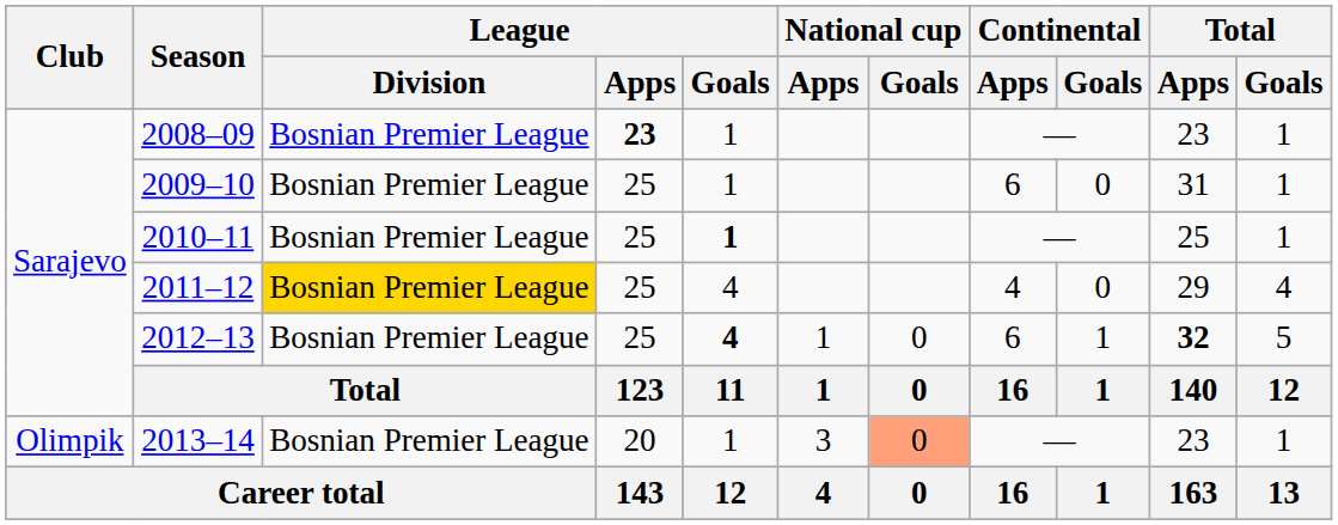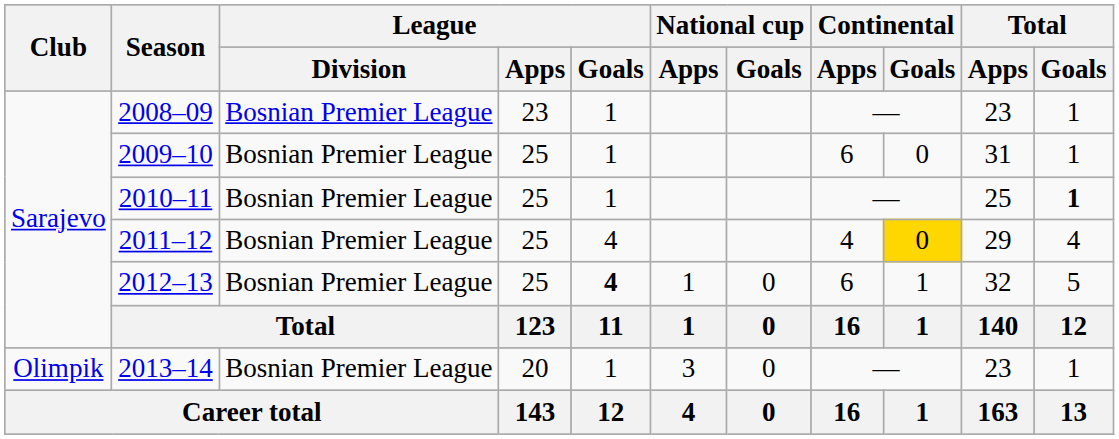 <table class="wikitable" style="text-align:center">
 <tr>
 <th rowspan=2>Club</th>
 <th rowspan=2>Season</th>
 <th colspan=3>League</th>
 <th colspan=2>National cup</th>
 <th colspan=2>Continental</th>
 <th colspan=2>Total</th>
 </tr>
 <tr>
 <th>Division</th>
 <th>Apps</th>
 <th>Goals</th>
 <th>Apps</th>
 <th>Goals</th>
 <th>Apps</th>
 <th>Goals</th>
 <th>Apps</th>
 <th>Goals</th>
 </tr>
 <tr>
 <td rowspan=6><a href='#'>Sarajevo</a></td>
 <td><a href='#'>2008–09</a></td>
 <td><a href='#'>Bosnian Premier League</a></td>
-<td><strong>23</strong></td>
+<td>23</td>
 <td>1</td>
 <td></td>
 <td></td>
 <td colspan=2>—</td>
 <td>23</td>
 <td>1</td>
 </tr>
 <tr>
 <td><a href='#'>2009–10</a></td>
 <td>Bosnian Premier League</td>
 <td>25</td>
 <td>1</td>
 <td></td>
 <td></td>
 <td>6</td>
 <td>0</td>
 <td>31</td>
 <td>1</td>
 </tr>
 <tr>
 <td><a href='#'>2010–11</a></td>
 <td>Bosnian Premier League</td>
 <td>25</td>
-<td><strong>1</strong></td>
+<td>1</td>
 <td></td>
 <td></td>
 <td colspan=2>—</td>
 <td>25</td>
-<td>1</td>
+<td><strong>1</strong></td>
 </tr>
 <tr>
 <td><a href='#'>2011–12</a></td>
-<td style="background: gold;">Bosnian Premier League</td>
+<td>Bosnian Premier League</td>
 <td>25</td>
 <td>4</td>
 <td></td>
 <td></td>
 <td>4</td>
-<td>0</td>
+<td style="background: gold;">0</td>
 <td>29</td>
 <td>4</td>
 </tr>
 <tr>
 <td><a href='#'>2012–13</a></td>
 <td>Bosnian Premier League</td>
 <td>25</td>
 <td><strong>4</strong></td>
 <td>1</td>
 <td>0</td>
 <td>6</td>
 <td>1</td>
-<td><strong>32</strong></td>
+<td>32</td>
 <td>5</td>
 </tr>
 <tr>
 <th colspan=2>Total</th>
 <th>123</th>
 <th>11</th>
 <th>1</th>
 <th>0</th>
 <th>16</th>
 <th>1</th>
 <th>140</th>
 <th>12</th>
 </tr>
 <tr>
 <td><a href='#'>Olimpik</a></td>
 <td><a href='#'>2013–14</a></td>
 <td>Bosnian Premier League</td>
 <td>20</td>
 <td>1</td>
 <td>3</td>
-<td style="background: lightsalmon;">0</td>
+<td>0</td>
 <td colspan=2>—</td>
 <td>23</td>
 <td>1</td>
 </tr>
 <tr>
 <th colspan=3>Career total</th>
 <th>143</th>
 <th>12</th>
 <th>4</th>
 <th>0</th>
 <th>16</th>
 <th>1</th>
 <th>163</th>
 <th>13</th>
 </tr>
 </table>
